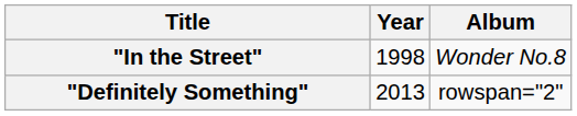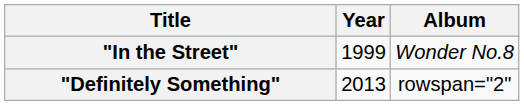 <table class="wikitable plainrowheaders" style="text-align:center;" border="1">
 <tr>
 <th scope="col" style="width:16em;">Title</th>
 <th scope="col">Year</th>
 <th scope="col">Album</th>
 </tr>
 <tr>
 <th scope="row">"In the Street"</th>
-<td>1998</td>
+<td>1999</td>
 <td><em>Wonder No.8</em></td>
 </tr>
 <tr>
 <th scope="row">"Definitely Something"</th>
 <td>2013</td>
 <td>rowspan="2" </td>
 </tr>
 </table>
